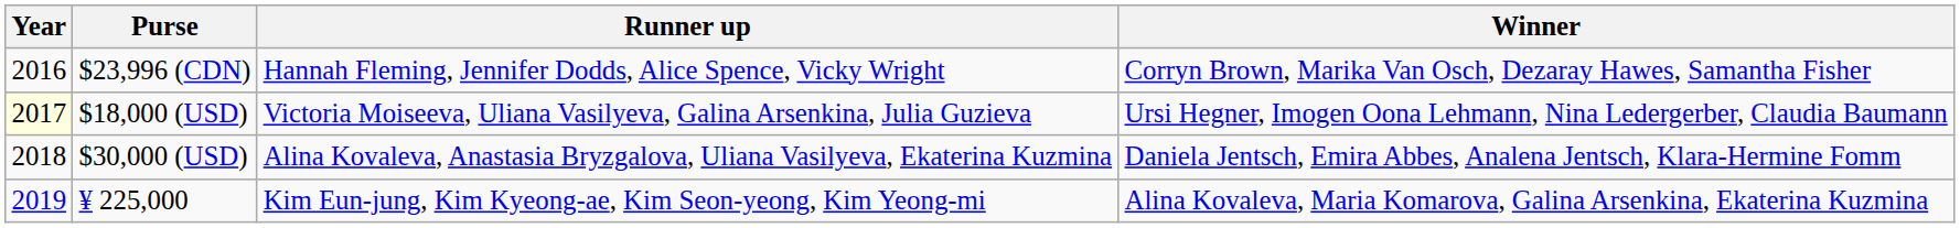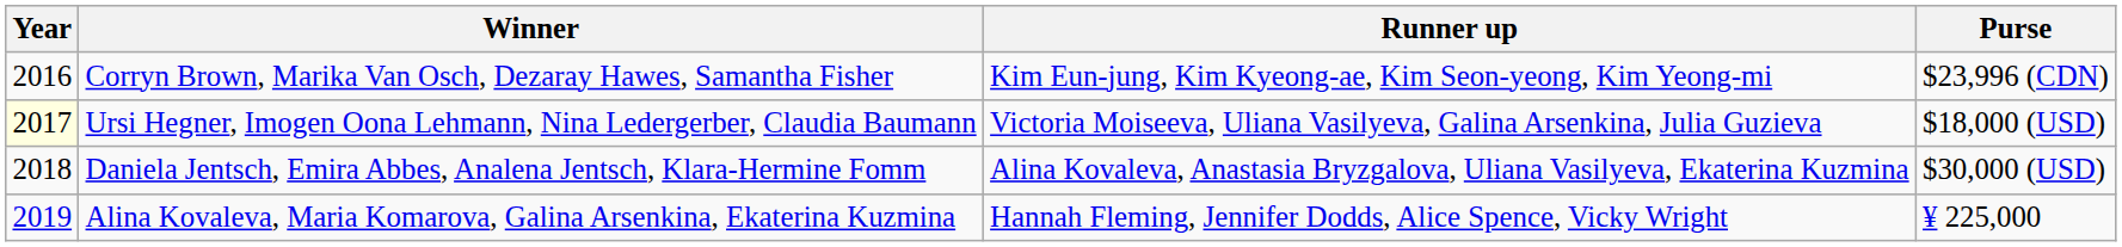 <table class="wikitable">
 <tr>
 <th>Year</th>
+<th>Winner</th>
+<th>Runner up</th>
 <th>Purse</th>
-<th>Runner up</th>
-<th>Winner</th>
 </tr>
 <tr>
 <td>2016</td>
+<td> <a href='#'>Corryn Brown</a>, <a href='#'>Marika Van Osch</a>, <a href='#'>Dezaray Hawes</a>, <a href='#'>Samantha Fisher</a></td>
+<td> <a href='#'>Kim Eun-jung</a>, <a href='#'>Kim Kyeong-ae</a>, <a href='#'>Kim Seon-yeong</a>, <a href='#'>Kim Yeong-mi</a></td>
 <td>$23,996 (<a href='#'>CDN</a>)</td>
-<td> <a href='#'>Hannah Fleming</a>, <a href='#'>Jennifer Dodds</a>, <a href='#'>Alice Spence</a>, <a href='#'>Vicky Wright</a></td>
-<td> <a href='#'>Corryn Brown</a>, <a href='#'>Marika Van Osch</a>, <a href='#'>Dezaray Hawes</a>, <a href='#'>Samantha Fisher</a></td>
 </tr>
 <tr>
 <td style="background: lightyellow;">2017</td>
+<td> <a href='#'>Ursi Hegner</a>, <a href='#'>Imogen Oona Lehmann</a>, <a href='#'>Nina Ledergerber</a>, <a href='#'>Claudia Baumann</a></td>
+<td> <a href='#'>Victoria Moiseeva</a>, <a href='#'>Uliana Vasilyeva</a>, <a href='#'>Galina Arsenkina</a>, <a href='#'>Julia Guzieva</a></td>
 <td>$18,000 (<a href='#'>USD</a>)</td>
-<td> <a href='#'>Victoria Moiseeva</a>, <a href='#'>Uliana Vasilyeva</a>, <a href='#'>Galina Arsenkina</a>, <a href='#'>Julia Guzieva</a></td>
-<td> <a href='#'>Ursi Hegner</a>, <a href='#'>Imogen Oona Lehmann</a>, <a href='#'>Nina Ledergerber</a>, <a href='#'>Claudia Baumann</a></td>
 </tr>
 <tr>
 <td>2018</td>
+<td> <a href='#'>Daniela Jentsch</a>, <a href='#'>Emira Abbes</a>, <a href='#'>Analena Jentsch</a>, <a href='#'>Klara-Hermine Fomm</a></td>
+<td> <a href='#'>Alina Kovaleva</a>, <a href='#'>Anastasia Bryzgalova</a>, <a href='#'>Uliana Vasilyeva</a>, <a href='#'>Ekaterina Kuzmina</a></td>
 <td>$30,000 (<a href='#'>USD</a>)</td>
-<td> <a href='#'>Alina Kovaleva</a>, <a href='#'>Anastasia Bryzgalova</a>, <a href='#'>Uliana Vasilyeva</a>, <a href='#'>Ekaterina Kuzmina</a></td>
-<td> <a href='#'>Daniela Jentsch</a>, <a href='#'>Emira Abbes</a>, <a href='#'>Analena Jentsch</a>, <a href='#'>Klara-Hermine Fomm</a></td>
 </tr>
 <tr>
 <td><a href='#'>2019</a></td>
+<td> <a href='#'>Alina Kovaleva</a>, <a href='#'>Maria Komarova</a>, <a href='#'>Galina Arsenkina</a>, <a href='#'>Ekaterina Kuzmina</a></td>
+<td> <a href='#'>Hannah Fleming</a>, <a href='#'>Jennifer Dodds</a>, <a href='#'>Alice Spence</a>, <a href='#'>Vicky Wright</a></td>
 <td><a href='#'>¥</a> 225,000</td>
-<td> <a href='#'>Kim Eun-jung</a>, <a href='#'>Kim Kyeong-ae</a>, <a href='#'>Kim Seon-yeong</a>, <a href='#'>Kim Yeong-mi</a></td>
-<td> <a href='#'>Alina Kovaleva</a>, <a href='#'>Maria Komarova</a>, <a href='#'>Galina Arsenkina</a>, <a href='#'>Ekaterina Kuzmina</a></td>
 </tr>
 </table>
